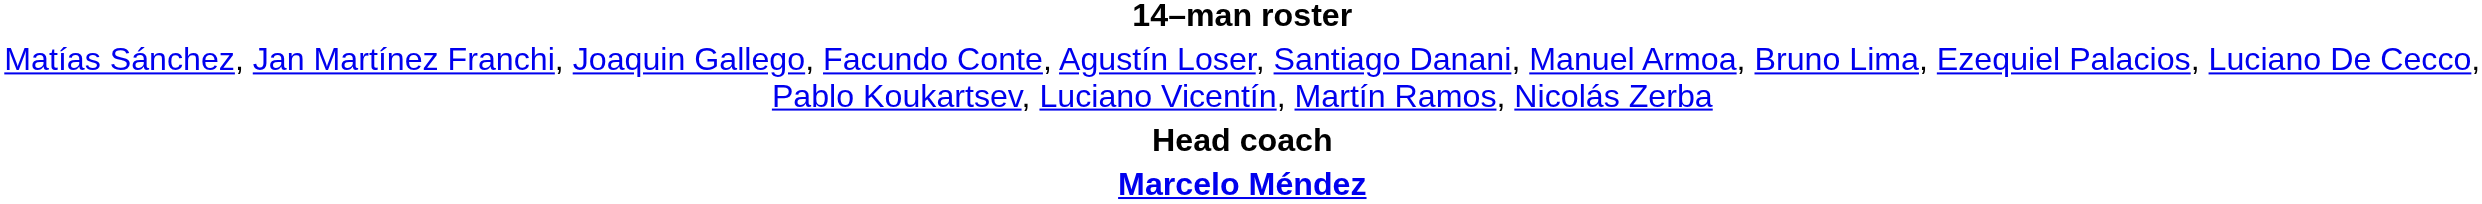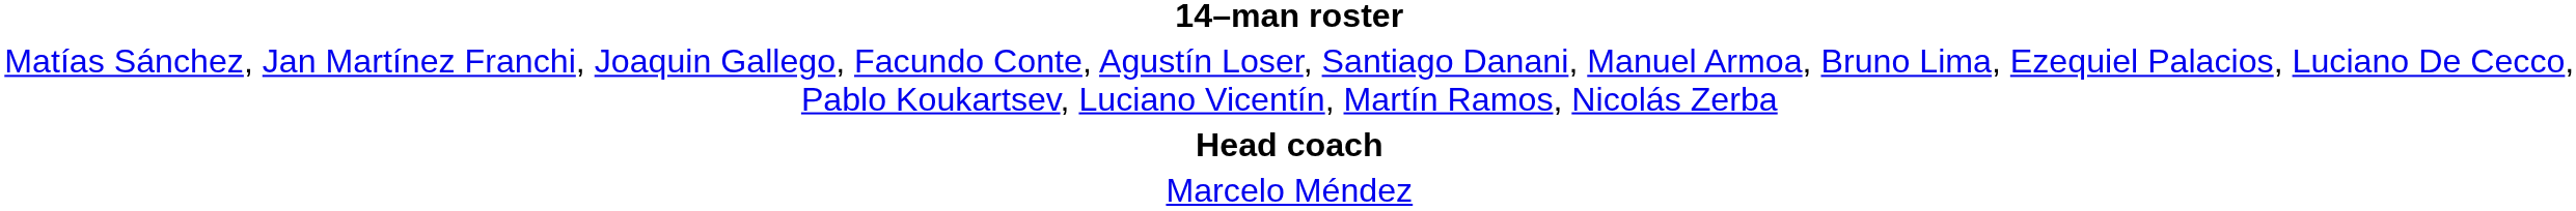 <table style="text-align:center; margin-top:2em; margin-left:auto; margin-right:auto">
 <tr>
 <td><strong>14–man roster</strong></td>
 </tr>
 <tr>
 <td><a href='#'>Matías Sánchez</a>, <a href='#'>Jan Martínez Franchi</a>, <a href='#'>Joaquin Gallego</a>, <a href='#'>Facundo Conte</a>, <a href='#'>Agustín Loser</a>, <a href='#'>Santiago Danani</a>, <a href='#'>Manuel Armoa</a>, <a href='#'>Bruno Lima</a>, <a href='#'>Ezequiel Palacios</a>, <a href='#'>Luciano De Cecco</a>, <a href='#'>Pablo Koukartsev</a>, <a href='#'>Luciano Vicentín</a>, <a href='#'>Martín Ramos</a>, <a href='#'>Nicolás Zerba</a></td>
 </tr>
 <tr>
 <td><strong>Head coach</strong></td>
 </tr>
 <tr>
-<td><strong><a href='#'>Marcelo Méndez</a></strong></td>
+<td><a href='#'>Marcelo Méndez</a></td>
 </tr>
 </table>
